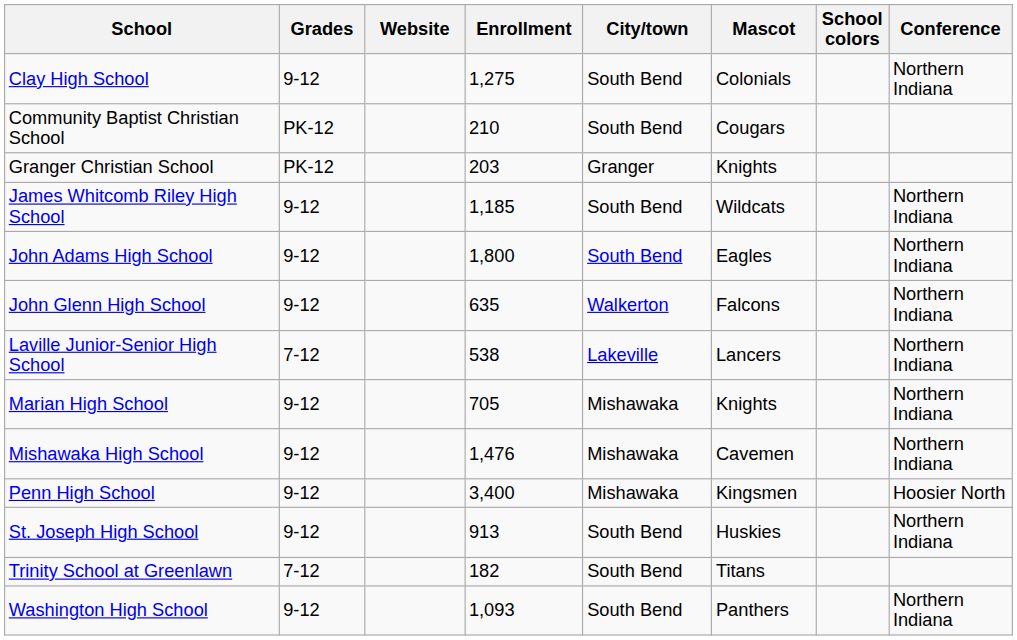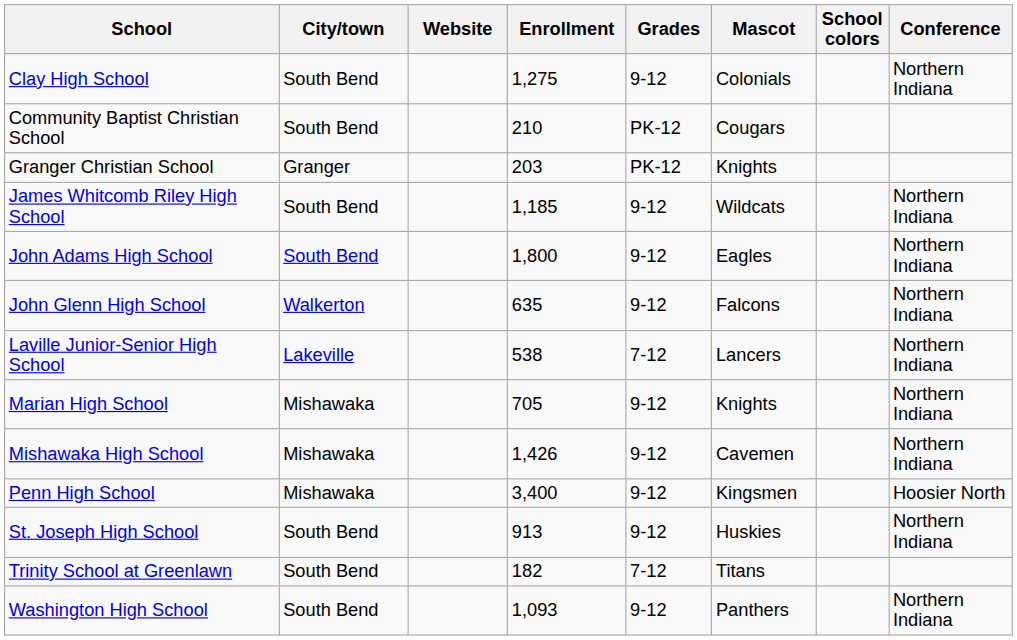 <table class="wikitable sortable" width="70%">
 <tr>
 <th width="20%">School</th>
-<th width="04%">Grades</th>
+<th width="08%">City/town</th>
 <th width="06%">Website</th>
 <th width="04%">Enrollment</th>
-<th width="08%">City/town</th>
+<th width="04%">Grades</th>
 <th width="04%">Mascot</th>
 <th width=01%>School colors</th>
 <th width="04%">Conference</th>
 </tr>
 <tr>
 <td><a href='#'>Clay High School</a></td>
-<td>9-12</td>
+<td>South Bend</td>
 <td></td>
 <td>1,275</td>
-<td>South Bend</td>
+<td>9-12</td>
 <td>Colonials</td>
 <td>  </td>
 <td>Northern Indiana</td>
 </tr>
 <tr>
 <td>Community Baptist Christian School</td>
-<td>PK-12</td>
+<td>South Bend</td>
 <td></td>
 <td>210</td>
-<td>South Bend</td>
+<td>PK-12</td>
 <td>Cougars</td>
 <td> </td>
 <td></td>
 </tr>
 <tr>
 <td>Granger Christian School</td>
-<td>PK-12</td>
+<td>Granger</td>
 <td></td>
 <td>203</td>
-<td>Granger</td>
+<td>PK-12</td>
 <td>Knights</td>
 <td>  </td>
 <td></td>
 </tr>
 <tr>
 <td><a href='#'>James Whitcomb Riley High School</a></td>
-<td>9-12</td>
+<td>South Bend</td>
 <td></td>
 <td>1,185</td>
-<td>South Bend</td>
+<td>9-12</td>
 <td>Wildcats</td>
 <td> </td>
 <td>Northern Indiana</td>
 </tr>
 <tr>
 <td><a href='#'>John Adams High School</a></td>
-<td>9-12</td>
+<td><a href='#'>South Bend</a></td>
 <td></td>
 <td>1,800</td>
-<td><a href='#'>South Bend</a></td>
+<td>9-12</td>
 <td>Eagles</td>
 <td>  </td>
 <td>Northern Indiana</td>
 </tr>
 <tr>
 <td><a href='#'>John Glenn High School</a></td>
-<td>9-12</td>
+<td><a href='#'>Walkerton</a></td>
 <td></td>
 <td>635</td>
-<td><a href='#'>Walkerton</a></td>
+<td>9-12</td>
 <td>Falcons</td>
 <td>  </td>
 <td>Northern Indiana</td>
 </tr>
 <tr>
 <td><a href='#'>Laville Junior-Senior High School</a></td>
-<td>7-12</td>
+<td><a href='#'>Lakeville</a></td>
 <td></td>
 <td>538</td>
-<td><a href='#'>Lakeville</a></td>
+<td>7-12</td>
 <td>Lancers</td>
 <td> </td>
 <td>Northern Indiana</td>
 </tr>
 <tr>
 <td><a href='#'>Marian High School</a></td>
-<td>9-12</td>
+<td>Mishawaka</td>
 <td></td>
 <td>705</td>
-<td>Mishawaka</td>
+<td>9-12</td>
 <td>Knights</td>
 <td>  </td>
 <td>Northern Indiana</td>
 </tr>
 <tr>
 <td><a href='#'>Mishawaka High School</a></td>
+<td>Mishawaka</td>
+<td></td>
+<td>1,426</td>
 <td>9-12</td>
-<td></td>
-<td>1,476</td>
-<td>Mishawaka</td>
 <td>Cavemen</td>
 <td> </td>
 <td>Northern Indiana</td>
 </tr>
 <tr>
 <td><a href='#'>Penn High School</a></td>
-<td>9-12</td>
+<td>Mishawaka</td>
 <td></td>
 <td>3,400</td>
-<td>Mishawaka</td>
+<td>9-12</td>
 <td>Kingsmen</td>
 <td>  </td>
 <td>Hoosier North</td>
 </tr>
 <tr>
 <td><a href='#'>St. Joseph High School</a></td>
-<td>9-12</td>
+<td>South Bend</td>
 <td></td>
 <td>913</td>
-<td>South Bend</td>
+<td>9-12</td>
 <td>Huskies</td>
 <td>  </td>
 <td>Northern Indiana</td>
 </tr>
 <tr>
 <td><a href='#'>Trinity School at Greenlawn</a></td>
-<td>7-12</td>
+<td>South Bend</td>
 <td></td>
 <td>182</td>
-<td>South Bend</td>
+<td>7-12</td>
 <td>Titans</td>
 <td> </td>
 <td></td>
 </tr>
 <tr>
 <td><a href='#'>Washington High School</a></td>
-<td>9-12</td>
+<td>South Bend</td>
 <td></td>
 <td>1,093</td>
-<td>South Bend</td>
+<td>9-12</td>
 <td>Panthers</td>
 <td>  </td>
 <td>Northern Indiana</td>
 </tr>
 </table>
